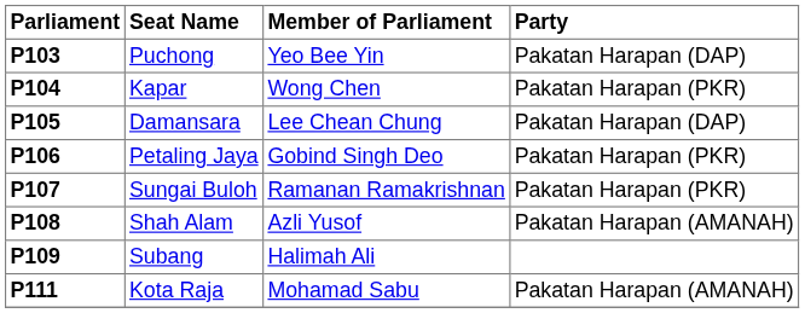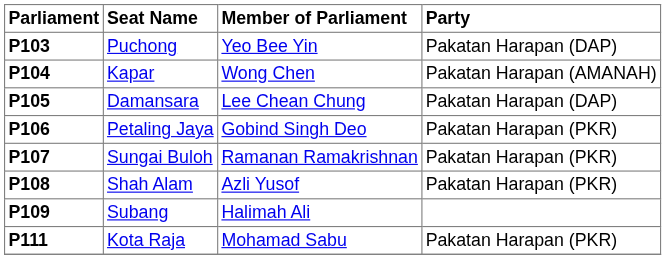 <table class="toccolours sortable" border="1" cellpadding="3" style="border-collapse:collapse; text-align: left;">
 <tr>
 <th align="center">Parliament</th>
 <th>Seat Name</th>
 <th>Member of Parliament</th>
 <th>Party</th>
 </tr>
 <tr>
 <th align="left">P103</th>
 <td><a href='#'>Puchong</a></td>
 <td><a href='#'>Yeo Bee Yin</a></td>
 <td>Pakatan Harapan (DAP)</td>
 </tr>
 <tr>
 <th align="left">P104</th>
 <td><a href='#'>Kapar</a></td>
 <td><a href='#'>Wong Chen</a></td>
-<td>Pakatan Harapan (PKR)</td>
+<td>Pakatan Harapan (AMANAH)</td>
 </tr>
 <tr>
 <th align="left">P105</th>
 <td><a href='#'>Damansara</a></td>
 <td><a href='#'>Lee Chean Chung</a></td>
 <td>Pakatan Harapan (DAP)</td>
 </tr>
 <tr>
 <th align="left">P106</th>
 <td><a href='#'>Petaling Jaya</a></td>
 <td><a href='#'>Gobind Singh Deo</a></td>
 <td>Pakatan Harapan (PKR)</td>
 </tr>
 <tr>
 <th align="left">P107</th>
 <td><a href='#'>Sungai Buloh</a></td>
 <td><a href='#'>Ramanan Ramakrishnan</a></td>
 <td>Pakatan Harapan (PKR)</td>
 </tr>
 <tr>
 <th align="left">P108</th>
 <td><a href='#'>Shah Alam</a></td>
 <td><a href='#'>Azli Yusof</a></td>
-<td>Pakatan Harapan (AMANAH)</td>
+<td>Pakatan Harapan (PKR)</td>
 </tr>
 <tr>
 <th align="left">P109</th>
 <td><a href='#'>Subang</a></td>
 <td><a href='#'>Halimah Ali</a></td>
 <td></td>
 </tr>
 <tr>
 <th align="left">P111</th>
 <td><a href='#'>Kota Raja</a></td>
 <td><a href='#'>Mohamad Sabu</a></td>
-<td>Pakatan Harapan (AMANAH)</td>
+<td>Pakatan Harapan (PKR)</td>
 </tr>
 <tr>
 </tr>
 </table>
